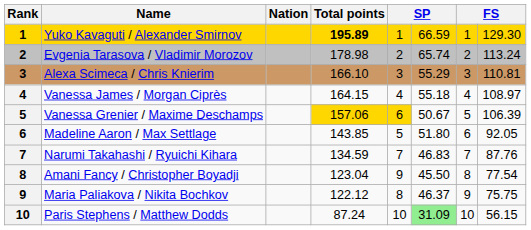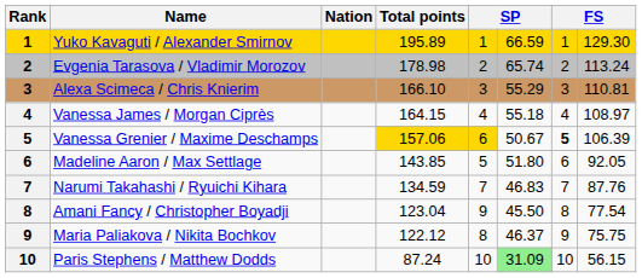 <table class="wikitable sortable">
 <tr>
 <th>Rank</th>
 <th>Name</th>
 <th>Nation</th>
 <th>Total points</th>
 <th colspan="2" width="80px"><a href='#'>SP</a></th>
 <th colspan="2" width="80px"><a href='#'>FS</a></th>
 </tr>
 <tr bgcolor="gold">
 <td align="center"><strong>1</strong></td>
 <td><a href='#'>Yuko Kavaguti</a> / <a href='#'>Alexander Smirnov</a></td>
 <td></td>
-<td align="center"><strong>195.89</strong></td>
+<td align="center">195.89</td>
 <td align="center">1</td>
 <td align="center">66.59</td>
 <td align="center">1</td>
 <td align="center">129.30</td>
 </tr>
 <tr bgcolor="silver">
 <td align="center"><strong>2</strong></td>
 <td><a href='#'>Evgenia Tarasova</a> / <a href='#'>Vladimir Morozov</a></td>
 <td></td>
 <td align="center">178.98</td>
 <td align="center">2</td>
 <td align="center">65.74</td>
 <td align="center">2</td>
 <td align="center">113.24</td>
 </tr>
 <tr bgcolor="cc9966">
 <td align="center"><strong>3</strong></td>
 <td><a href='#'>Alexa Scimeca</a> / <a href='#'>Chris Knierim</a></td>
 <td></td>
 <td align="center">166.10</td>
 <td align="center">3</td>
 <td align="center">55.29</td>
 <td align="center">3</td>
 <td align="center">110.81</td>
 </tr>
 <tr>
 <th>4</th>
 <td><a href='#'>Vanessa James</a> / <a href='#'>Morgan Ciprès</a></td>
 <td></td>
 <td align="center">164.15</td>
 <td align="center">4</td>
 <td align="center">55.18</td>
 <td align="center">4</td>
 <td align="center">108.97</td>
 </tr>
 <tr>
 <th>5</th>
 <td><a href='#'>Vanessa Grenier</a> / <a href='#'>Maxime Deschamps</a></td>
 <td></td>
 <td align="center" style="background: gold;">157.06</td>
 <td align="center" style="background: gold;">6</td>
 <td align="center">50.67</td>
-<td align="center">5</td>
+<td align="center"><strong>5</strong></td>
 <td align="center">106.39</td>
 </tr>
 <tr>
 <th>6</th>
 <td><a href='#'>Madeline Aaron</a> / <a href='#'>Max Settlage</a></td>
 <td></td>
 <td align="center">143.85</td>
 <td align="center">5</td>
 <td align="center">51.80</td>
 <td align="center">6</td>
 <td align="center">92.05</td>
 </tr>
 <tr>
 <th>7</th>
 <td><a href='#'>Narumi Takahashi</a> / <a href='#'>Ryuichi Kihara</a></td>
 <td></td>
 <td align="center">134.59</td>
 <td align="center">7</td>
 <td align="center">46.83</td>
 <td align="center">7</td>
 <td align="center">87.76</td>
 </tr>
 <tr>
 <th>8</th>
 <td><a href='#'>Amani Fancy</a> / <a href='#'>Christopher Boyadji</a></td>
 <td></td>
 <td align="center">123.04</td>
 <td align="center">9</td>
 <td align="center">45.50</td>
 <td align="center">8</td>
 <td align="center">77.54</td>
 </tr>
 <tr>
 <th>9</th>
 <td><a href='#'>Maria Paliakova</a> / <a href='#'>Nikita Bochkov</a></td>
 <td></td>
 <td align="center">122.12</td>
 <td align="center">8</td>
 <td align="center">46.37</td>
 <td align="center">9</td>
 <td align="center">75.75</td>
 </tr>
 <tr>
 <th>10</th>
 <td><a href='#'>Paris Stephens</a> / <a href='#'>Matthew Dodds</a></td>
 <td></td>
 <td align="center">87.24</td>
 <td align="center">10</td>
 <td align="center" style="background: lightgreen;">31.09</td>
 <td align="center">10</td>
 <td align="center">56.15</td>
 </tr>
 </table>
